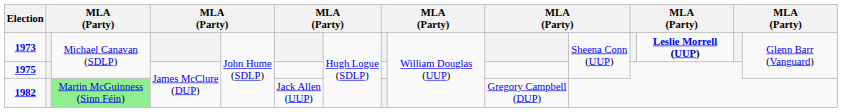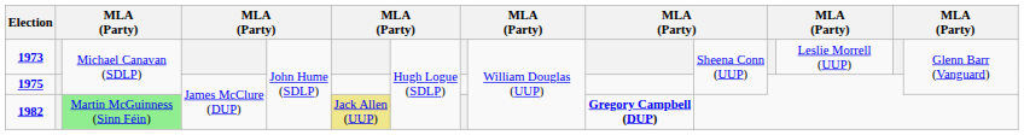 <table class="wikitable" style="text-align:center">
 <tr>
 <th>Election</th>
 <th scope="col" width="150" colspan = "2">MLA<br> (Party)</th>
 <th scope="col" width="150" colspan = "2">MLA<br> (Party)</th>
 <th scope="col" width="150" colspan = "2">MLA<br> (Party)</th>
 <th scope="col" width="150" colspan = "2">MLA<br> (Party)</th>
 <th scope="col" width="150" colspan = "2">MLA<br> (Party)</th>
 <th scope="col" width="150" colspan = "2">MLA<br> (Party)</th>
 <th scope="col" width="150" colspan = "2">MLA<br> (Party)</th>
 </tr>
 <tr>
 <td><strong><a href='#'>1973</a></strong></td>
 <th style="background-color: "></th>
 <td rowspan=2><a href='#'>Michael Canavan</a><br>(<a href='#'>SDLP</a>)</td>
 <th style="background-color: "></th>
 <td rowspan=3><a href='#'>John Hume</a><br>(<a href='#'>SDLP</a>)</td>
 <th style="background-color: "></th>
 <td rowspan=3><a href='#'>Hugh Logue</a><br>(<a href='#'>SDLP</a>)</td>
 <th style="background-color: "></th>
 <td rowspan=3><a href='#'>William Douglas</a><br>(<a href='#'>UUP</a>)</td>
 <th style="background-color: "></th>
 <td rowspan=2><a href='#'>Sheena Conn</a><br>(<a href='#'>UUP</a>)</td>
 <th style="background-color: "></th>
-<td><strong><a href='#'>Leslie Morrell</a><br>(<a href='#'>UUP</a>)</strong></td>
+<td><a href='#'>Leslie Morrell</a><br>(<a href='#'>UUP</a>)</td>
 <th style="background-color: "></th>
 <td rowspan=2><a href='#'>Glenn Barr</a><br>(<a href='#'>Vanguard</a>)</td>
 </tr>
 <tr>
 <td><strong><a href='#'>1975</a></strong></td>
 <th style="background-color: "></th>
 <td rowspan=2><a href='#'>James McClure</a><br>(<a href='#'>DUP</a>)</td>
 </tr>
 <tr>
 <td><strong><a href='#'>1982</a></strong></td>
 <th style="background-color: "></th>
 <td style="background: lightgreen;"><a href='#'>Martin McGuinness</a><br>(<a href='#'>Sinn Féin</a>)</td>
-<td><a href='#'>Jack Allen</a><br>(<a href='#'>UUP</a>)</td>
+<td style="background: khaki;"><a href='#'>Jack Allen</a><br>(<a href='#'>UUP</a>)</td>
 <th style="background-color: "></th>
-<td><a href='#'>Gregory Campbell</a><br>(<a href='#'>DUP</a>)</td>
+<td><strong><a href='#'>Gregory Campbell</a><br>(<a href='#'>DUP</a>)</strong></td>
 </tr>
 </table>
